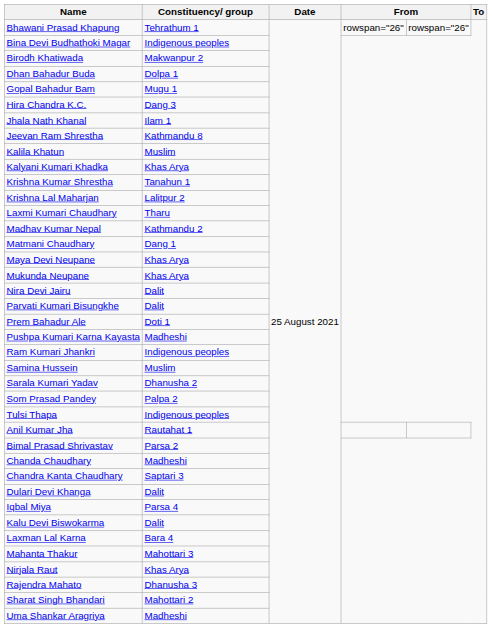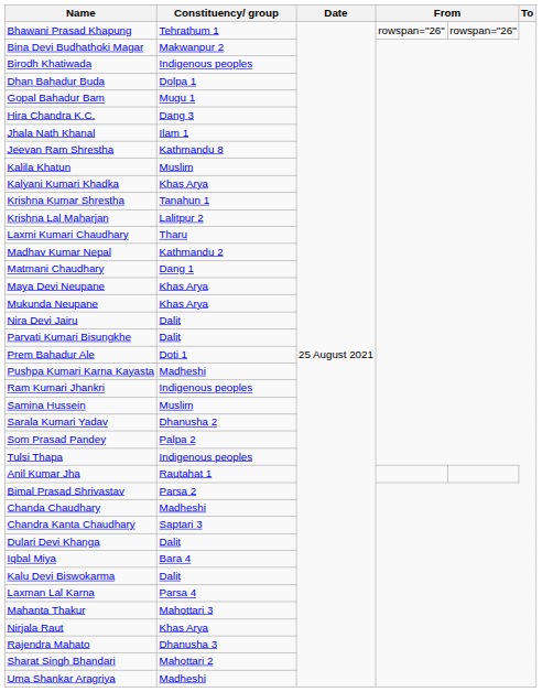 <table class="wikitable">
 <tr>
 <th>Name</th>
 <th style="width:150pt;">Constituency/ group</th>
 <th>Date</th>
 <th colspan="2">From</th>
 <th colspan="2">To</th>
 </tr>
 <tr>
 <td><a href='#'>Bhawani Prasad Khapung</a></td>
 <td><a href='#'>Tehrathum 1</a></td>
 <td rowspan="39">25 August 2021</td>
 <td>rowspan="26"  </td>
 <td>rowspan="26"  </td>
 </tr>
 <tr>
 <td><a href='#'>Bina Devi Budhathoki Magar</a></td>
-<td><a href='#'>Indigenous peoples</a></td>
+<td><a href='#'>Makwanpur 2</a></td>
 </tr>
 <tr>
 <td><a href='#'>Birodh Khatiwada</a></td>
-<td><a href='#'>Makwanpur 2</a></td>
+<td><a href='#'>Indigenous peoples</a></td>
 </tr>
 <tr>
 <td><a href='#'>Dhan Bahadur Buda</a></td>
 <td><a href='#'>Dolpa 1</a></td>
 </tr>
 <tr>
 <td><a href='#'>Gopal Bahadur Bam</a></td>
 <td><a href='#'>Mugu 1</a></td>
 </tr>
 <tr>
 <td><a href='#'>Hira Chandra K.C.</a></td>
 <td><a href='#'>Dang 3</a></td>
 </tr>
 <tr>
 <td><a href='#'>Jhala Nath Khanal</a></td>
 <td><a href='#'>Ilam 1</a></td>
 </tr>
 <tr>
 <td><a href='#'>Jeevan Ram Shrestha</a></td>
 <td><a href='#'>Kathmandu 8</a></td>
 </tr>
 <tr>
 <td><a href='#'>Kalila Khatun</a></td>
 <td><a href='#'>Muslim</a></td>
 </tr>
 <tr>
 <td><a href='#'>Kalyani Kumari Khadka</a></td>
 <td><a href='#'>Khas Arya</a></td>
 </tr>
 <tr>
 <td><a href='#'>Krishna Kumar Shrestha</a></td>
 <td><a href='#'>Tanahun 1</a></td>
 </tr>
 <tr>
 <td><a href='#'>Krishna Lal Maharjan</a></td>
 <td><a href='#'>Lalitpur 2</a></td>
 </tr>
 <tr>
 <td><a href='#'>Laxmi Kumari Chaudhary</a></td>
 <td><a href='#'>Tharu</a></td>
 </tr>
 <tr>
 <td><a href='#'>Madhav Kumar Nepal</a></td>
 <td><a href='#'>Kathmandu 2</a></td>
 </tr>
 <tr>
 <td><a href='#'>Matmani Chaudhary</a></td>
 <td><a href='#'>Dang 1</a></td>
 </tr>
 <tr>
 <td><a href='#'>Maya Devi Neupane</a></td>
 <td><a href='#'>Khas Arya</a></td>
 </tr>
 <tr>
 <td><a href='#'>Mukunda Neupane</a></td>
 <td><a href='#'>Khas Arya</a></td>
 </tr>
 <tr>
 <td><a href='#'>Nira Devi Jairu</a></td>
 <td><a href='#'>Dalit</a></td>
 </tr>
 <tr>
 <td><a href='#'>Parvati Kumari Bisungkhe</a></td>
 <td><a href='#'>Dalit</a></td>
 </tr>
 <tr>
 <td><a href='#'>Prem Bahadur Ale</a></td>
 <td><a href='#'>Doti 1</a></td>
 </tr>
 <tr>
 <td><a href='#'>Pushpa Kumari Karna Kayasta</a></td>
 <td><a href='#'>Madheshi</a></td>
 </tr>
 <tr>
 <td><a href='#'>Ram Kumari Jhankri</a></td>
 <td><a href='#'>Indigenous peoples</a></td>
 </tr>
 <tr>
 <td><a href='#'>Samina Hussein</a></td>
 <td><a href='#'>Muslim</a></td>
 </tr>
 <tr>
 <td><a href='#'>Sarala Kumari Yadav</a></td>
 <td><a href='#'>Dhanusha 2</a></td>
 </tr>
 <tr>
 <td><a href='#'>Som Prasad Pandey</a></td>
 <td><a href='#'>Palpa 2</a></td>
 </tr>
 <tr>
 <td><a href='#'>Tulsi Thapa</a></td>
 <td><a href='#'>Indigenous peoples</a></td>
 </tr>
 <tr>
 <td><a href='#'>Anil Kumar Jha</a></td>
 <td><a href='#'>Rautahat 1</a></td>
 <td></td>
 <td></td>
 </tr>
 <tr>
 <td><a href='#'>Bimal Prasad Shrivastav</a></td>
 <td><a href='#'>Parsa 2</a></td>
 </tr>
 <tr>
 <td><a href='#'>Chanda Chaudhary</a></td>
 <td><a href='#'>Madheshi</a></td>
 </tr>
 <tr>
 <td><a href='#'>Chandra Kanta Chaudhary</a></td>
 <td><a href='#'>Saptari 3</a></td>
 </tr>
 <tr>
 <td><a href='#'>Dulari Devi Khanga</a></td>
 <td><a href='#'>Dalit</a></td>
 </tr>
 <tr>
 <td><a href='#'>Iqbal Miya</a></td>
-<td><a href='#'>Parsa 4</a></td>
+<td><a href='#'>Bara 4</a></td>
 </tr>
 <tr>
 <td><a href='#'>Kalu Devi Biswokarma</a></td>
 <td><a href='#'>Dalit</a></td>
 </tr>
 <tr>
 <td><a href='#'>Laxman Lal Karna</a></td>
-<td><a href='#'>Bara 4</a></td>
+<td><a href='#'>Parsa 4</a></td>
 </tr>
 <tr>
 <td><a href='#'>Mahanta Thakur</a></td>
 <td><a href='#'>Mahottari 3</a></td>
 </tr>
 <tr>
 <td><a href='#'>Nirjala Raut</a></td>
 <td><a href='#'>Khas Arya</a></td>
 </tr>
 <tr>
 <td><a href='#'>Rajendra Mahato</a></td>
 <td><a href='#'>Dhanusha 3</a></td>
 </tr>
 <tr>
 <td><a href='#'>Sharat Singh Bhandari</a></td>
 <td><a href='#'>Mahottari 2</a></td>
 </tr>
 <tr>
 <td><a href='#'>Uma Shankar Aragriya</a></td>
 <td><a href='#'>Madheshi</a></td>
 </tr>
 </table>
